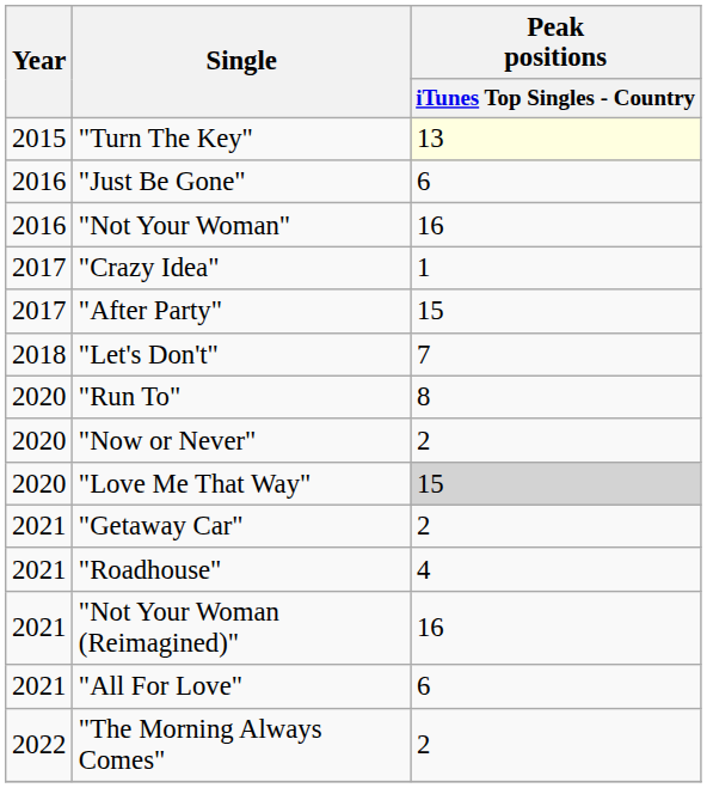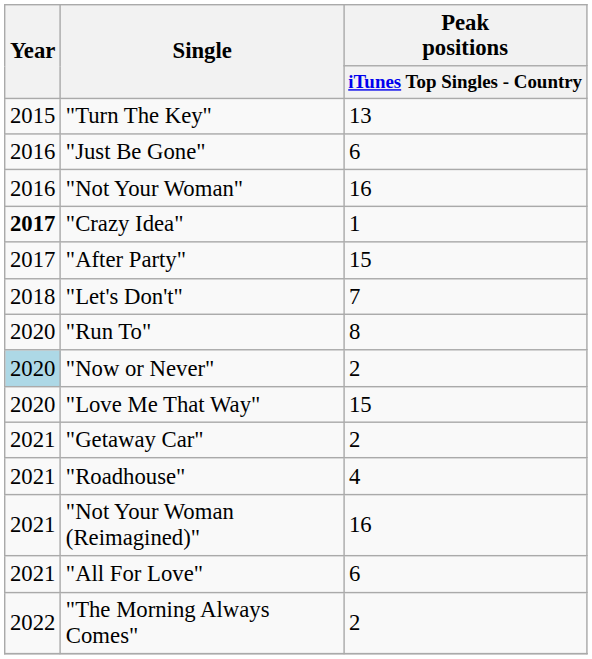 <table class="wikitable">
 <tr>
 <th rowspan="2">Year</th>
 <th rowspan="2" style="width:12em;">Single</th>
 <th>Peak<br>positions</th>
 </tr>
 <tr style="font-size:smaller;">
 <th><a href='#'>iTunes</a> Top Singles - Country<br></th>
 </tr>
 <tr>
 <td>2015</td>
 <td>"Turn The Key"</td>
-<td style="background: lightyellow;">13</td>
+<td>13</td>
 </tr>
 <tr>
 <td>2016</td>
 <td>"Just Be Gone"</td>
 <td>6</td>
 </tr>
 <tr>
 <td>2016</td>
 <td>"Not Your Woman"</td>
 <td>16</td>
 </tr>
 <tr>
-<td>2017</td>
+<td><strong>2017</strong></td>
 <td>"Crazy Idea"</td>
 <td>1</td>
 </tr>
 <tr>
 <td>2017</td>
 <td>"After Party"</td>
 <td>15</td>
 </tr>
 <tr>
 <td>2018</td>
 <td>"Let's Don't"</td>
 <td>7</td>
 </tr>
 <tr>
 <td>2020</td>
 <td>"Run To"</td>
 <td>8</td>
 </tr>
 <tr>
-<td>2020</td>
+<td style="background: lightblue;">2020</td>
 <td>"Now or Never"</td>
 <td>2</td>
 </tr>
 <tr>
 <td>2020</td>
 <td>"Love Me That Way"</td>
-<td style="background: lightgrey;">15</td>
+<td>15</td>
 </tr>
 <tr>
 <td>2021</td>
 <td>"Getaway Car"</td>
 <td>2</td>
 </tr>
 <tr>
 <td>2021</td>
 <td>"Roadhouse"</td>
 <td>4</td>
 </tr>
 <tr>
 <td>2021</td>
 <td>"Not Your Woman (Reimagined)"</td>
 <td>16</td>
 </tr>
 <tr>
 <td>2021</td>
 <td>"All For Love"</td>
 <td>6</td>
 </tr>
 <tr>
 <td>2022</td>
 <td>"The Morning Always Comes"</td>
 <td>2</td>
 </tr>
 <tr>
 </tr>
 </table>
